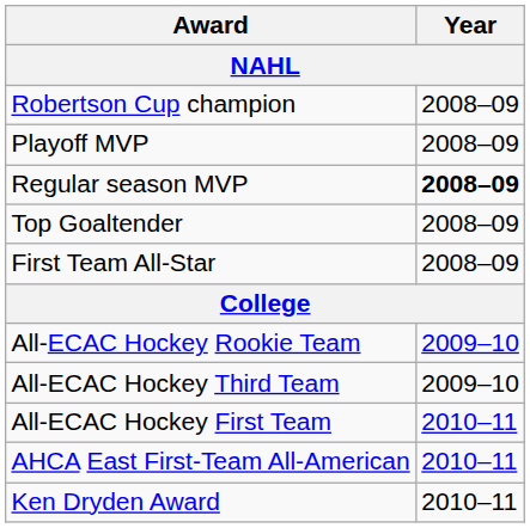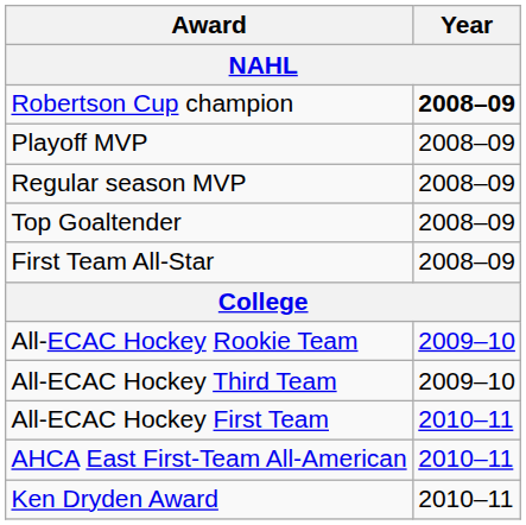 <table class="wikitable">
 <tr>
 <th>Award</th>
 <th>Year</th>
 </tr>
 <tr>
 <th colspan="3"><a href='#'>NAHL</a></th>
 </tr>
 <tr>
 <td><a href='#'>Robertson Cup</a> champion</td>
-<td>2008–09</td>
+<td><strong>2008–09</strong></td>
 </tr>
 <tr>
 <td>Playoff MVP</td>
 <td>2008–09</td>
 </tr>
 <tr>
 <td>Regular season MVP</td>
-<td><strong>2008–09</strong></td>
+<td>2008–09</td>
 </tr>
 <tr>
 <td>Top Goaltender</td>
 <td>2008–09</td>
 </tr>
 <tr>
 <td>First Team All-Star</td>
 <td>2008–09</td>
 </tr>
 <tr>
 <th colspan="3"><a href='#'>College</a></th>
 </tr>
 <tr>
 <td>All-<a href='#'>ECAC Hockey</a> <a href='#'>Rookie Team</a></td>
 <td><a href='#'>2009–10</a></td>
 </tr>
 <tr>
 <td>All-ECAC Hockey <a href='#'>Third Team</a></td>
 <td>2009–10</td>
 </tr>
 <tr>
 <td>All-ECAC Hockey <a href='#'>First Team</a></td>
 <td><a href='#'>2010–11</a></td>
 </tr>
 <tr>
 <td><a href='#'>AHCA</a> <a href='#'>East First-Team All-American</a></td>
 <td><a href='#'>2010–11</a></td>
 </tr>
 <tr>
 <td><a href='#'>Ken Dryden Award</a></td>
 <td>2010–11</td>
 </tr>
 </table>
